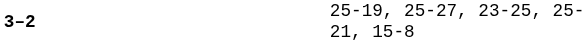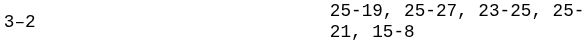 <table>
 <tr>
 <th width=190></th>
 <th width=60></th>
 <th width=190></th>
 <th width=200></th>
 </tr>
 <tr>
 <td align=right><strong></strong></td>
-<td align=center><strong>3–2</strong></td>
+<td align=center>3–2</td>
 <td></td>
 <td>25-19, 25-27, 23-25, 25-21, 15-8</td>
 </tr>
 </table>
